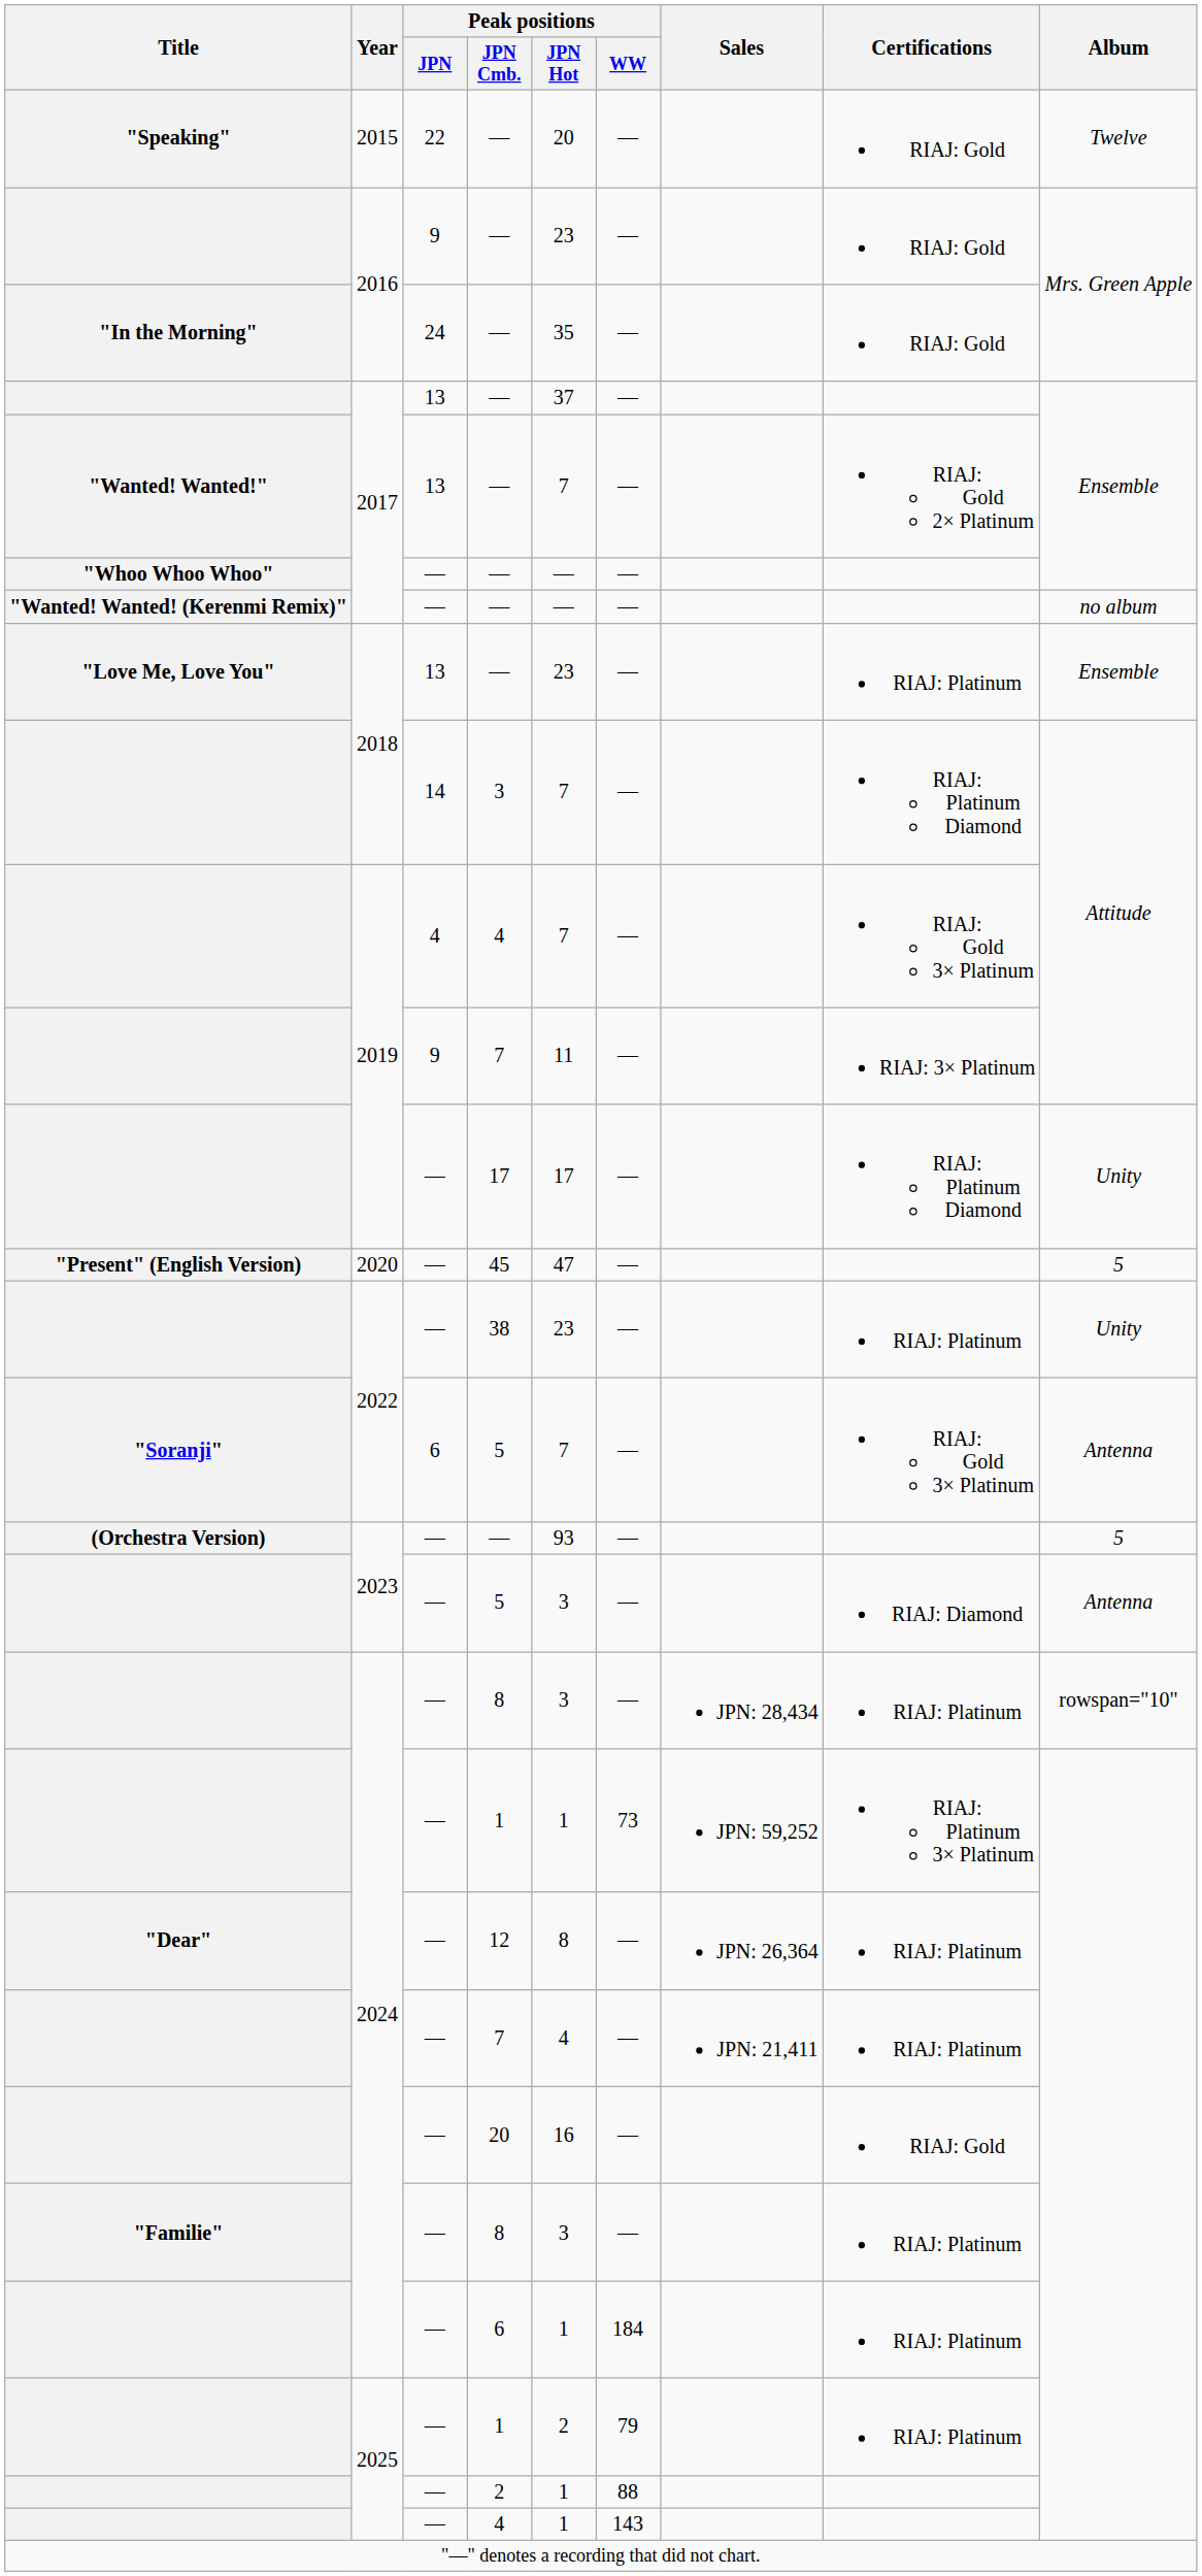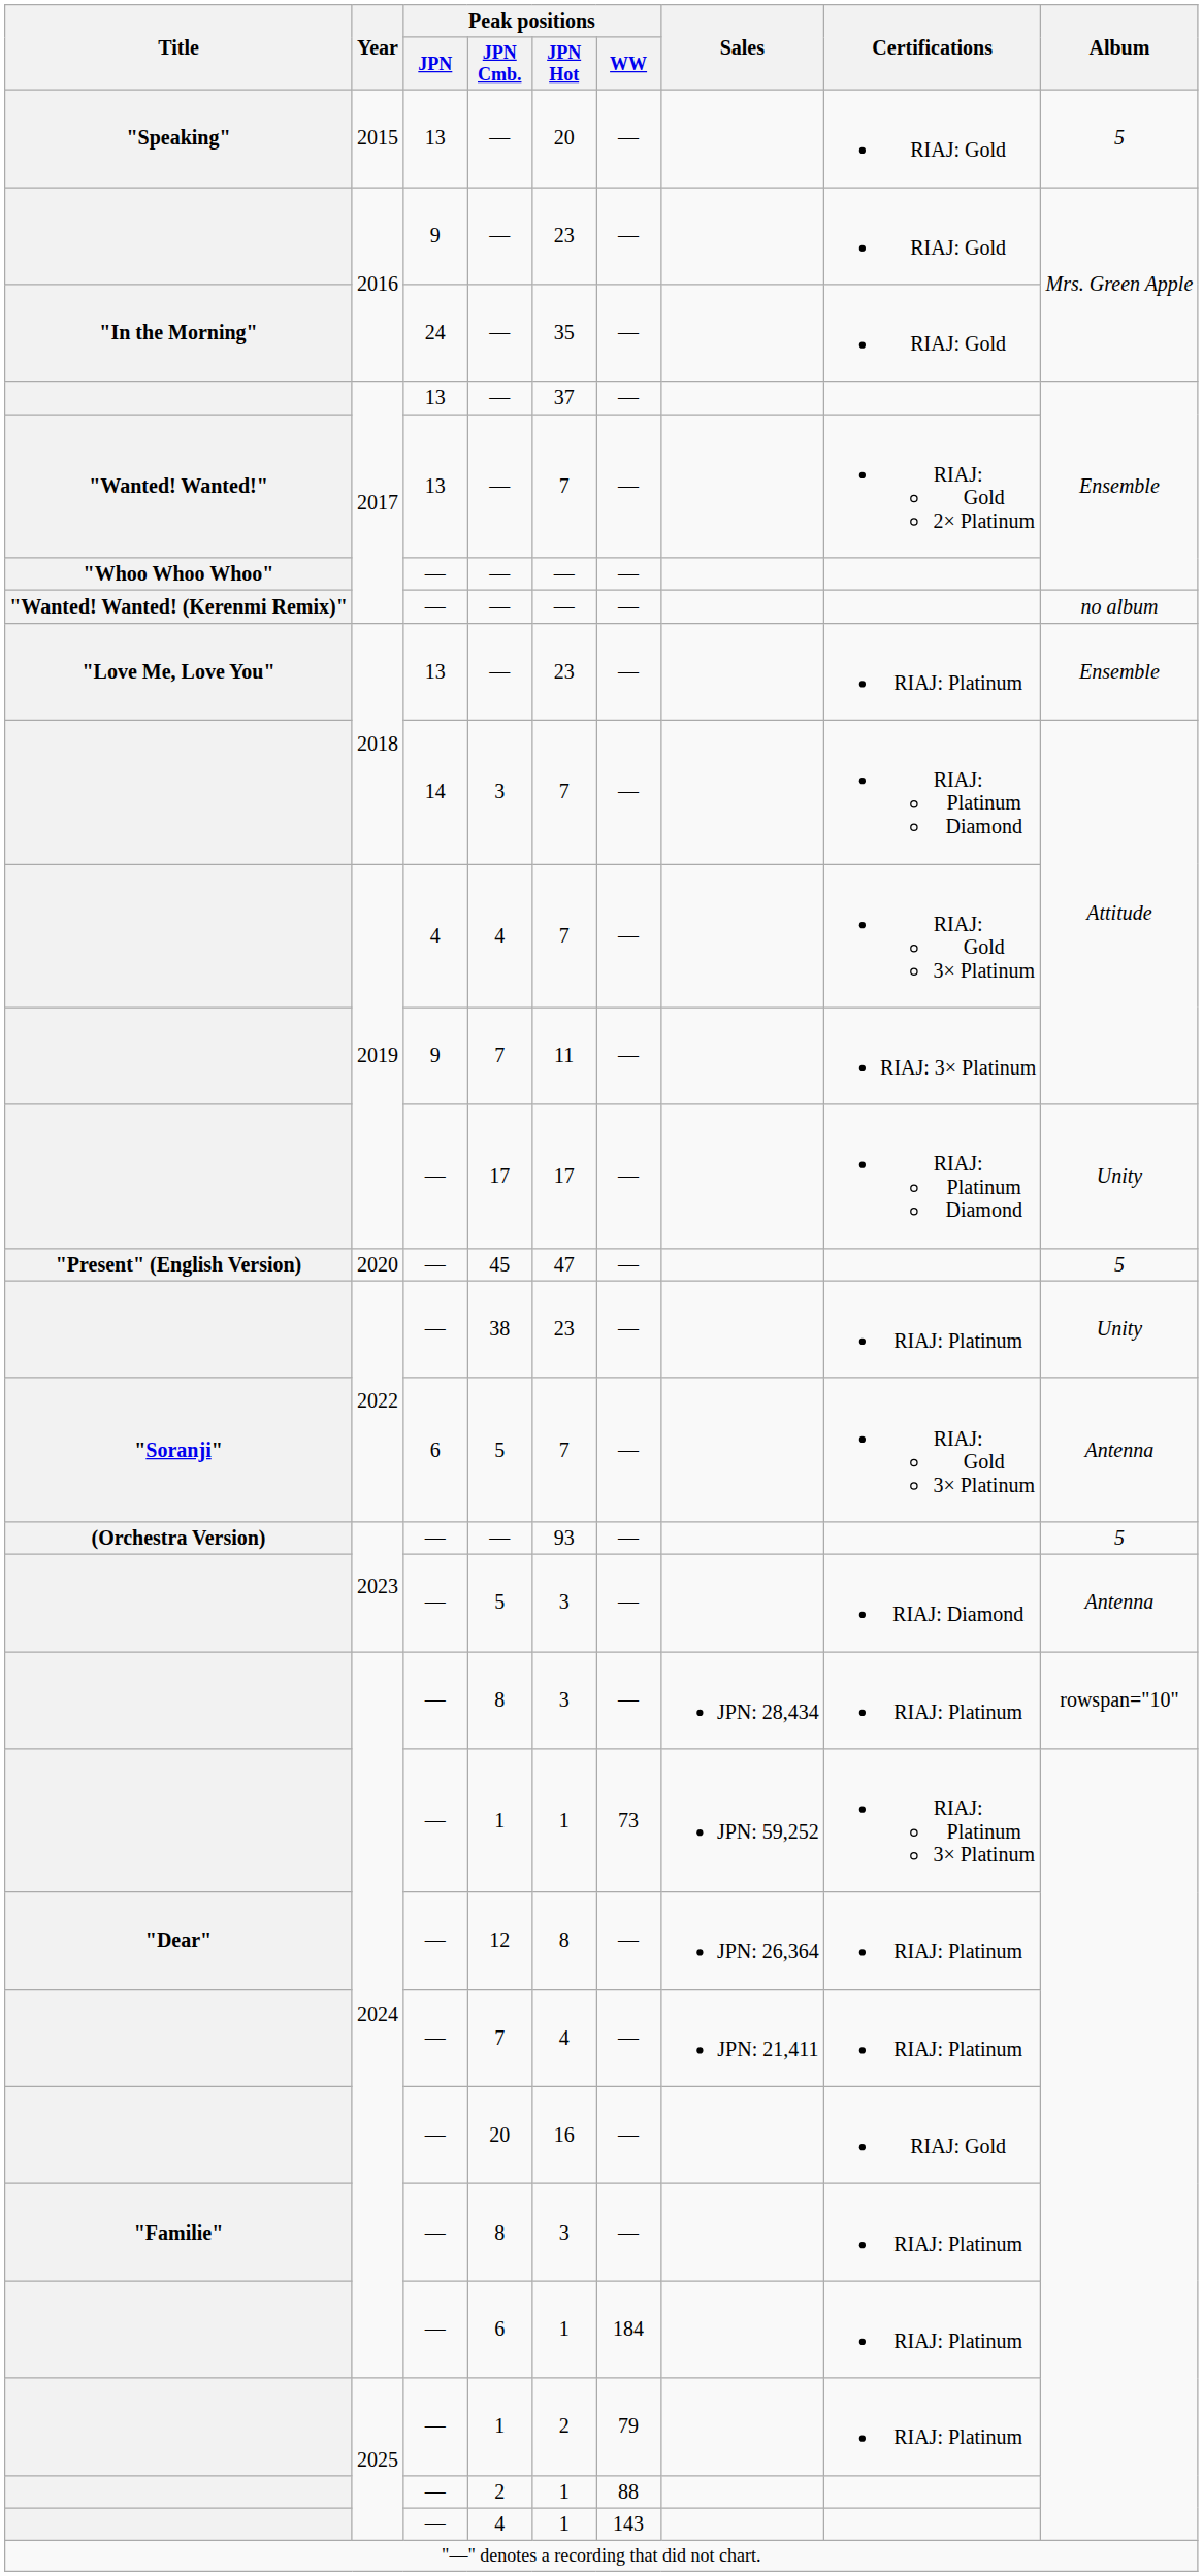 <table class="wikitable plainrowheaders" style="text-align:center">
 <tr>
 <th scope="col" rowspan="2">Title</th>
 <th scope="col" rowspan="2">Year</th>
 <th scope="col" colspan="4">Peak positions</th>
 <th scope="col" rowspan="2">Sales</th>
 <th scope="col" rowspan="2">Certifications</th>
 <th scope="col" rowspan="2">Album</th>
 </tr>
 <tr>
 <th scope="col" style="width:3em;font-size:90%"><a href='#'>JPN</a><br></th>
 <th scope="col" style="width:3em;font-size:90%"><a href='#'>JPN<br>Cmb.</a><br></th>
 <th scope="col" style="width:3em;font-size:90%"><a href='#'>JPN<br>Hot</a><br></th>
 <th scope="col" style="width:3em;font-size:90%"><a href='#'>WW</a><br></th>
 </tr>
 <tr>
 <th scope="row">"Speaking"</th>
 <td>2015</td>
-<td>22</td>
+<td>13</td>
 <td>—</td>
 <td>20</td>
 <td>—</td>
 <td></td>
 <td><br><ul><li>RIAJ: Gold </li></ul></td>
-<td><em>Twelve</em></td>
+<td><em>5</em></td>
 </tr>
 <tr>
 <th scope="row"></th>
 <td rowspan="2">2016</td>
 <td>9</td>
 <td>—</td>
 <td>23</td>
 <td>—</td>
 <td></td>
 <td><br><ul><li>RIAJ: Gold </li></ul></td>
 <td rowspan="2"><em>Mrs. Green Apple</em></td>
 </tr>
 <tr>
 <th scope="row">"In the Morning"</th>
 <td>24</td>
 <td>—</td>
 <td>35</td>
 <td>—</td>
 <td></td>
 <td><br><ul><li>RIAJ: Gold </li></ul></td>
 </tr>
 <tr>
 <th scope="row"></th>
 <td rowspan="4">2017</td>
 <td>13</td>
 <td>—</td>
 <td>37</td>
 <td>—</td>
 <td></td>
 <td></td>
 <td rowspan="3"><em>Ensemble</em></td>
 </tr>
 <tr>
 <th scope="row">"Wanted! Wanted!"</th>
 <td>13</td>
 <td>—</td>
 <td>7</td>
 <td>—</td>
 <td></td>
 <td><br><ul><li>RIAJ:<ul><li>Gold </li><li>2× Platinum </li></ul></li></ul></td>
 </tr>
 <tr>
 <th scope="row">"Whoo Whoo Whoo"</th>
 <td>—</td>
 <td>—</td>
 <td>—</td>
 <td>—</td>
 <td></td>
 <td></td>
 </tr>
 <tr>
 <th scope="row">"Wanted! Wanted! (Kerenmi Remix)"</th>
 <td>—</td>
 <td>—</td>
 <td>—</td>
 <td>—</td>
 <td></td>
 <td></td>
 <td><em>no album</em></td>
 </tr>
 <tr>
 <th scope="row">"Love Me, Love You"</th>
 <td rowspan="2">2018</td>
 <td>13</td>
 <td>—</td>
 <td>23</td>
 <td>—</td>
 <td></td>
 <td><br><ul><li>RIAJ: Platinum </li></ul></td>
 <td rowspan="1"><em>Ensemble</em></td>
 </tr>
 <tr>
 <th scope="row"></th>
 <td>14</td>
 <td>3</td>
 <td>7</td>
 <td>—</td>
 <td></td>
 <td><br><ul><li>RIAJ:<ul><li>Platinum </li><li>Diamond </li></ul></li></ul></td>
 <td rowspan="3"><em>Attitude</em></td>
 </tr>
 <tr>
 <th scope="row"></th>
 <td rowspan="3">2019</td>
 <td>4</td>
 <td>4</td>
 <td>7</td>
 <td>—</td>
 <td></td>
 <td><br><ul><li>RIAJ:<ul><li>Gold </li><li>3× Platinum </li></ul></li></ul></td>
 </tr>
 <tr>
 <th scope="row"></th>
 <td>9</td>
 <td>7</td>
 <td>11</td>
 <td>—</td>
 <td></td>
 <td><br><ul><li>RIAJ: 3× Platinum </li></ul></td>
 </tr>
 <tr>
 <th scope="row"></th>
 <td>—</td>
 <td>17</td>
 <td>17</td>
 <td>—</td>
 <td></td>
 <td><br><ul><li>RIAJ:<ul><li>Platinum </li><li>Diamond </li></ul></li></ul></td>
 <td><em>Unity</em></td>
 </tr>
 <tr>
 <th scope="row">"Present" (English Version)</th>
 <td>2020</td>
 <td>—</td>
 <td>45</td>
 <td>47</td>
 <td>—</td>
 <td></td>
 <td></td>
 <td><em>5</em></td>
 </tr>
 <tr>
 <th scope="row"></th>
 <td rowspan="2">2022</td>
 <td>—</td>
 <td>38</td>
 <td>23</td>
 <td>—</td>
 <td></td>
 <td><br><ul><li>RIAJ: Platinum </li></ul></td>
 <td rowspan="1"><em>Unity</em></td>
 </tr>
 <tr>
 <th scope="row">"<a href='#'>Soranji</a>"</th>
 <td>6</td>
 <td>5</td>
 <td>7</td>
 <td>—</td>
 <td></td>
 <td><br><ul><li>RIAJ:<ul><li>Gold </li><li>3× Platinum </li></ul></li></ul></td>
 <td rowspan="1"><em>Antenna</em></td>
 </tr>
 <tr>
 <th scope="row"> (Orchestra Version)</th>
 <td rowspan="2">2023</td>
 <td>—</td>
 <td>—</td>
 <td>93</td>
 <td>—</td>
 <td></td>
 <td></td>
 <td><em>5</em></td>
 </tr>
 <tr>
 <th scope="row"></th>
 <td>—</td>
 <td>5</td>
 <td>3</td>
 <td>—</td>
 <td></td>
 <td><br><ul><li>RIAJ: Diamond </li></ul></td>
 <td><em>Antenna</em></td>
 </tr>
 <tr>
 <th scope="row"></th>
 <td rowspan="7">2024</td>
 <td>—</td>
 <td>8</td>
 <td>3</td>
 <td>—</td>
 <td><br><ul><li>JPN: 28,434 </li></ul></td>
 <td><br><ul><li>RIAJ: Platinum </li></ul></td>
 <td>rowspan="10" </td>
 </tr>
 <tr>
 <th scope="row"></th>
 <td>—</td>
 <td>1</td>
 <td>1</td>
 <td>73</td>
 <td><br><ul><li>JPN: 59,252 </li></ul></td>
 <td><br><ul><li>RIAJ:<ul><li>Platinum </li><li>3× Platinum </li></ul></li></ul></td>
 </tr>
 <tr>
 <th scope="row">"Dear"</th>
 <td>—</td>
 <td>12</td>
 <td>8</td>
 <td>—</td>
 <td><br><ul><li>JPN: 26,364 </li></ul></td>
 <td><br><ul><li>RIAJ: Platinum </li></ul></td>
 </tr>
 <tr>
 <th scope="row"></th>
 <td>—</td>
 <td>7</td>
 <td>4</td>
 <td>—</td>
 <td><br><ul><li>JPN: 21,411 </li></ul></td>
 <td><br><ul><li>RIAJ: Platinum </li></ul></td>
 </tr>
 <tr>
 <th scope="row"></th>
 <td>—</td>
 <td>20</td>
 <td>16</td>
 <td>—</td>
 <td></td>
 <td><br><ul><li>RIAJ: Gold </li></ul></td>
 </tr>
 <tr>
 <th scope="row">"Familie"</th>
 <td>—</td>
 <td>8</td>
 <td>3</td>
 <td>—</td>
 <td></td>
 <td><br><ul><li>RIAJ: Platinum </li></ul></td>
 </tr>
 <tr>
 <th scope="row"></th>
 <td>—</td>
 <td>6</td>
 <td>1</td>
 <td>184</td>
 <td></td>
 <td><br><ul><li>RIAJ: Platinum </li></ul></td>
 </tr>
 <tr>
 <th scope="row"></th>
 <td rowspan="3">2025</td>
 <td>—</td>
 <td>1</td>
 <td>2</td>
 <td>79</td>
 <td></td>
 <td><br><ul><li>RIAJ: Platinum </li></ul></td>
 </tr>
 <tr>
 <th scope="row"></th>
 <td>—</td>
 <td>2</td>
 <td>1</td>
 <td>88</td>
 <td></td>
 <td></td>
 </tr>
 <tr>
 <th scope="row"></th>
 <td>—</td>
 <td>4</td>
 <td>1</td>
 <td>143</td>
 <td></td>
 <td></td>
 </tr>
 <tr>
 <td colspan="9" style="font-size:90%">"—" denotes a recording that did not chart.</td>
 </tr>
 </table>
